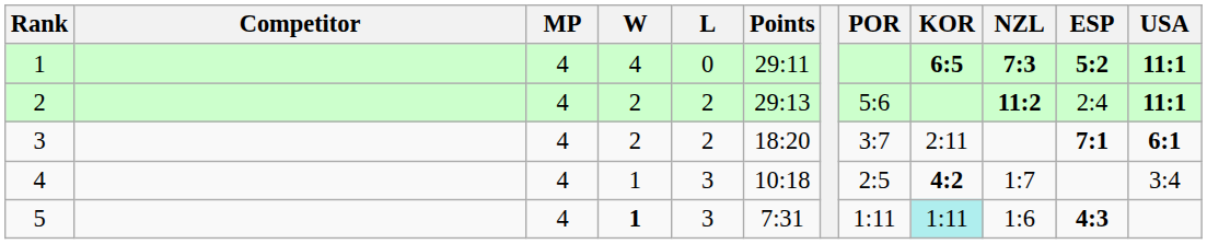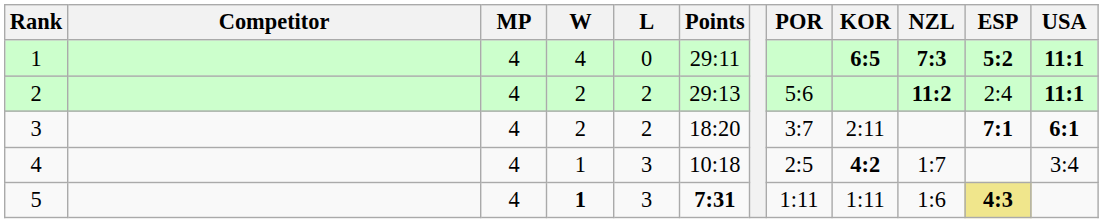 <table class="wikitable" style="text-align:center">
 <tr>
 <th>Rank</th>
 <th style="width:18em">Competitor</th>
 <th style="width:2.5em">MP</th>
 <th style="width:2.5em">W</th>
 <th style="width:2.5em">L</th>
 <th>Points</th>
 <th rowspan="6"> </th>
 <th style="width:2.5em">POR</th>
 <th style="width:2.5em">KOR</th>
 <th style="width:2.5em">NZL</th>
 <th style="width:2.5em">ESP</th>
 <th style="width:2.5em">USA</th>
 </tr>
 <tr style="background:#cfc;">
 <td>1</td>
 <td style="text-align:left"></td>
 <td>4</td>
 <td>4</td>
 <td>0</td>
 <td>29:11</td>
 <td></td>
 <td><strong>6:5</strong></td>
 <td><strong>7:3</strong></td>
 <td><strong>5:2</strong></td>
 <td><strong>11:1</strong></td>
 </tr>
 <tr style="background:#cfc;">
 <td>2</td>
 <td style="text-align:left"></td>
 <td>4</td>
 <td>2</td>
 <td>2</td>
 <td>29:13</td>
 <td>5:6</td>
 <td></td>
 <td><strong>11:2</strong></td>
 <td>2:4</td>
 <td><strong>11:1</strong></td>
 </tr>
 <tr>
 <td>3</td>
 <td style="text-align:left"></td>
 <td>4</td>
 <td>2</td>
 <td>2</td>
 <td>18:20</td>
 <td>3:7</td>
 <td>2:11</td>
 <td></td>
 <td><strong>7:1</strong></td>
 <td><strong>6:1</strong></td>
 </tr>
 <tr>
 <td>4</td>
 <td style="text-align:left"></td>
 <td>4</td>
 <td>1</td>
 <td>3</td>
 <td>10:18</td>
 <td>2:5</td>
 <td><strong>4:2</strong></td>
 <td>1:7</td>
 <td></td>
 <td>3:4</td>
 </tr>
 <tr>
 <td>5</td>
 <td style="text-align:left"></td>
 <td>4</td>
 <td><strong>1</strong></td>
 <td>3</td>
-<td>7:31</td>
+<td><strong>7:31</strong></td>
 <td>1:11</td>
-<td style="background: paleturquoise;">1:11</td>
+<td>1:11</td>
 <td>1:6</td>
-<td><strong>4:3</strong></td>
+<td style="background: khaki;"><strong>4:3</strong></td>
 <td></td>
 </tr>
 </table>
